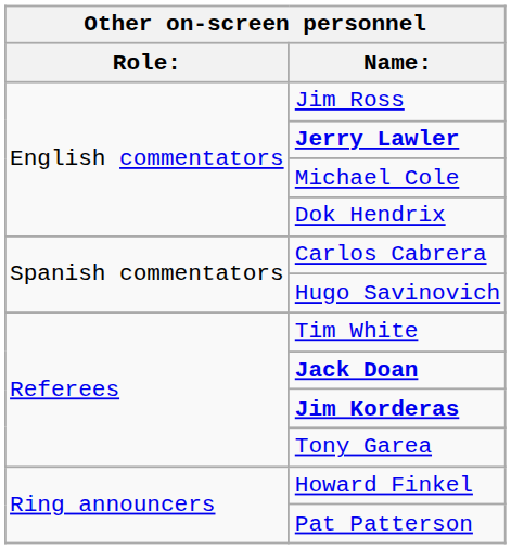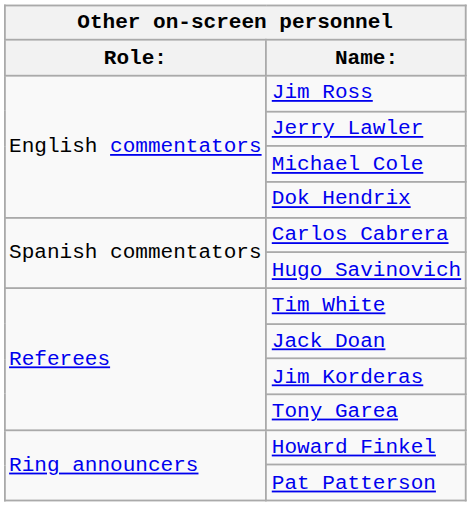 <table align="right" class="wikitable" style="border:1px; font-size:90%; margin-left:1em;">
 <tr>
 <th colspan=2 width=250>Other on-screen personnel</th>
 </tr>
 <tr>
 <th>Role:</th>
 <th>Name:</th>
 </tr>
 <tr>
 <td rowspan=4>English <a href='#'>commentators</a></td>
 <td><a href='#'>Jim Ross</a></td>
 </tr>
 <tr>
-<td><strong><a href='#'>Jerry Lawler</a></strong></td>
+<td><a href='#'>Jerry Lawler</a></td>
 </tr>
 <tr>
 <td><a href='#'>Michael Cole</a> </td>
 </tr>
 <tr>
 <td><a href='#'>Dok Hendrix</a> </td>
 </tr>
 <tr>
 <td rowspan=2>Spanish commentators</td>
 <td><a href='#'>Carlos Cabrera</a></td>
 </tr>
 <tr>
 <td><a href='#'>Hugo Savinovich</a></td>
 </tr>
 <tr>
 <td rowspan=4><a href='#'>Referees</a></td>
 <td><a href='#'>Tim White</a></td>
 </tr>
 <tr>
-<td><strong><a href='#'>Jack Doan</a></strong></td>
+<td><a href='#'>Jack Doan</a></td>
 </tr>
 <tr>
-<td><strong><a href='#'>Jim Korderas</a></strong></td>
+<td><a href='#'>Jim Korderas</a></td>
 </tr>
 <tr>
 <td><a href='#'>Tony Garea</a></td>
 </tr>
 <tr>
 <td rowspan=2><a href='#'>Ring announcers</a></td>
 <td><a href='#'>Howard Finkel</a></td>
 </tr>
 <tr>
 <td><a href='#'>Pat Patterson</a> </td>
 </tr>
 </table>
